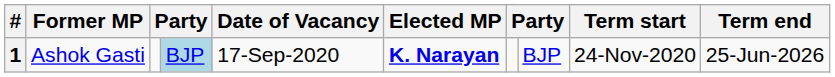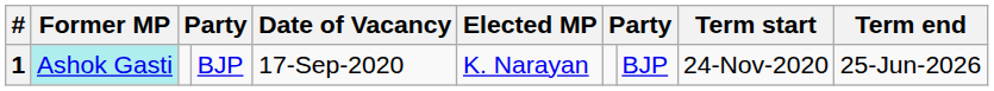 <table class="wikitable sortable">
 <tr>
 <th>#</th>
 <th>Former MP</th>
 <th colspan="2">Party</th>
 <th>Date of Vacancy</th>
 <th>Elected MP</th>
 <th colspan="2">Party</th>
 <th>Term start</th>
 <th>Term end</th>
 </tr>
 <tr>
 <th>1</th>
-<td><a href='#'>Ashok Gasti</a></td>
+<td style="background: paleturquoise;"><a href='#'>Ashok Gasti</a></td>
 <td width="1px"></td>
-<td style="background: lightblue;"><a href='#'>BJP</a></td>
+<td><a href='#'>BJP</a></td>
 <td>17-Sep-2020</td>
-<td><strong><a href='#'>K. Narayan</a></strong></td>
+<td><a href='#'>K. Narayan</a></td>
 <td width="1px"></td>
 <td><a href='#'>BJP</a></td>
 <td>24-Nov-2020</td>
 <td>25-Jun-2026</td>
 </tr>
 </table>
